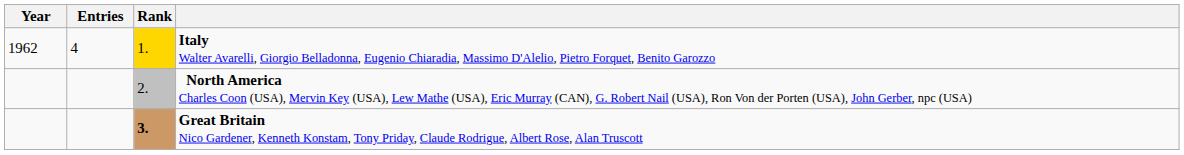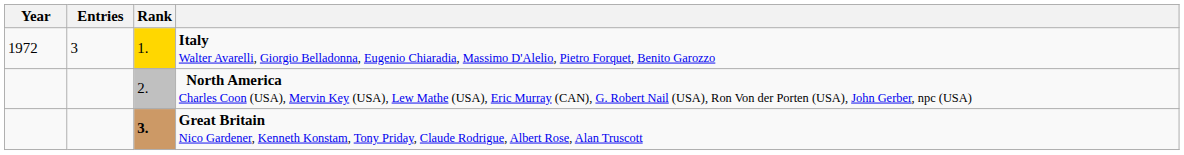 <table class="wikitable" style="width:100%;">
 <tr>
 <th>Year</th>
 <th>Entries</th>
 <th>Rank</th>
 <th></th>
 </tr>
 <tr>
-<td width=60>1962</td>
-<td>4</td>
+<td width=60>1972</td>
+<td>3</td>
 <td style="background:gold; width:30px;">1.</td>
 <td> <strong>Italy</strong><br><small><a href='#'>Walter Avarelli</a>, <a href='#'>Giorgio Belladonna</a>, <a href='#'>Eugenio Chiaradia</a>, <a href='#'>Massimo D'Alelio</a>, <a href='#'>Pietro Forquet</a>, <a href='#'>Benito Garozzo</a></small></td>
 </tr>
 <tr>
 <td></td>
 <td></td>
 <td style="background:silver;">2.</td>
 <td>  <strong>North America</strong><br><small><a href='#'>Charles Coon</a> (USA), <a href='#'>Mervin Key</a> (USA), <a href='#'>Lew Mathe</a> (USA), <a href='#'>Eric Murray</a> (CAN), <a href='#'>G. Robert Nail</a> (USA), Ron Von der Porten (USA), <a href='#'>John Gerber</a>, npc (USA)</small></td>
 </tr>
 <tr>
 <td></td>
 <td></td>
 <td style="background:#c96;"><strong>3.</strong></td>
 <td> <strong>Great Britain</strong><br><small><a href='#'>Nico Gardener</a>, <a href='#'>Kenneth Konstam</a>, <a href='#'>Tony Priday</a>, <a href='#'>Claude Rodrigue</a>, <a href='#'>Albert Rose</a>, <a href='#'>Alan Truscott</a></small></td>
 </tr>
 </table>
